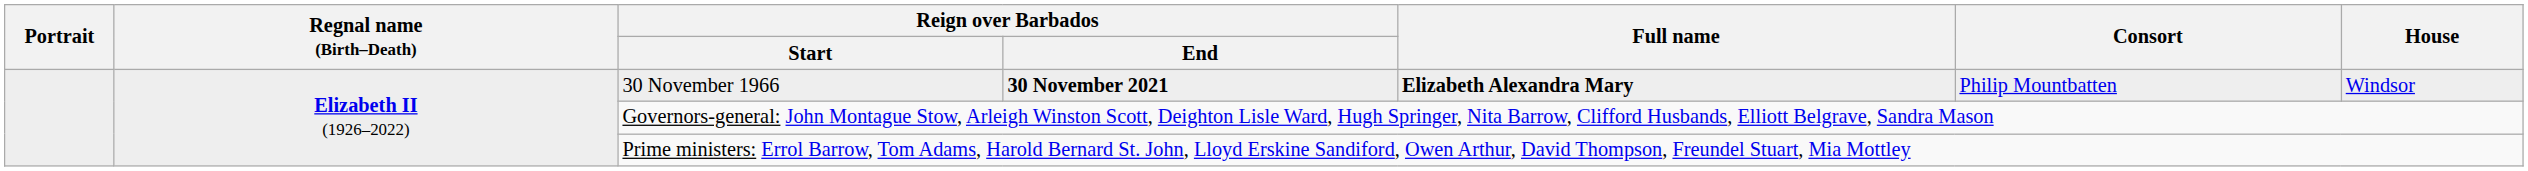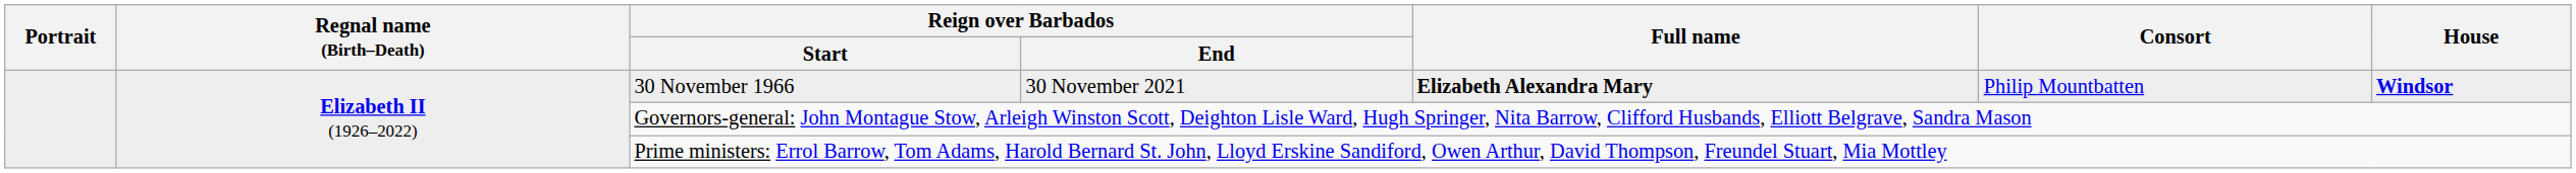 <table class="wikitable" style="width:100%;">
 <tr>
 <th rowspan="2">Portrait</th>
 <th rowspan="2" style="width:20%;">Regnal name<br><small>(Birth–Death)</small></th>
 <th colspan=2>Reign over Barbados</th>
 <th rowspan="2">Full name</th>
 <th rowspan="2">Consort</th>
 <th rowspan="2">House</th>
 </tr>
 <tr>
 <th>Start</th>
 <th>End</th>
 </tr>
 <tr style="background:#eee;">
 <td rowspan="3" style="text-align:center;"></td>
 <td rowspan="3" style="text-align:center;"><strong><a href='#'>Elizabeth II</a></strong><br><small>(1926–2022)</small></td>
 <td>30 November 1966</td>
-<td><strong>30 November 2021</strong></td>
+<td>30 November 2021</td>
 <td><strong>Elizabeth Alexandra Mary</strong></td>
 <td><a href='#'>Philip Mountbatten</a></td>
-<td><a href='#'>Windsor</a></td>
+<td><strong><a href='#'>Windsor</a></strong></td>
 </tr>
 <tr>
 <td colspan="5"><u>Governors-general:</u> <a href='#'>John Montague Stow</a>, <a href='#'>Arleigh Winston Scott</a>, <a href='#'>Deighton Lisle Ward</a>, <a href='#'>Hugh Springer</a>, <a href='#'>Nita Barrow</a>, <a href='#'>Clifford Husbands</a>, <a href='#'>Elliott Belgrave</a>, <a href='#'>Sandra Mason</a></td>
 </tr>
 <tr>
 <td colspan="5"><u>Prime ministers:</u> <a href='#'>Errol Barrow</a>, <a href='#'>Tom Adams</a>, <a href='#'>Harold Bernard St. John</a>, <a href='#'>Lloyd Erskine Sandiford</a>, <a href='#'>Owen Arthur</a>, <a href='#'>David Thompson</a>, <a href='#'>Freundel Stuart</a>, <a href='#'>Mia Mottley</a></td>
 </tr>
 </table>
